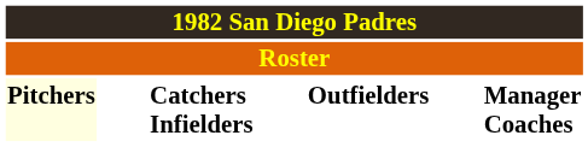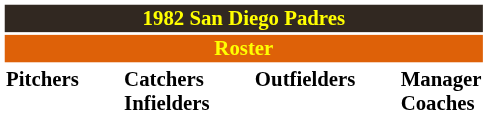 <table class="toccolours" style="font-size: 95%;">
 <tr>
 <th colspan="10" style="background-color: #312821; color: yellow; text-align: center;">1982 San Diego Padres</th>
 </tr>
 <tr>
 <td colspan="10" style="background-color: #de6108; color: yellow; text-align: center;"><strong>Roster</strong></td>
 </tr>
 <tr>
-<td valign="top" style="background: lightyellow;"><strong>Pitchers</strong><br>             </td>
+<td valign="top"><strong>Pitchers</strong><br>             </td>
 <td width="25px"></td>
 <td valign="top"><strong>Catchers</strong><br>    <strong>Infielders</strong>             </td>
 <td width="25px"></td>
 <td valign="top"><strong>Outfielders</strong><br>      </td>
 <td width="25px"></td>
 <td valign="top"><strong>Manager</strong><br> <strong>Coaches</strong>     </td>
 </tr>
 </table>
